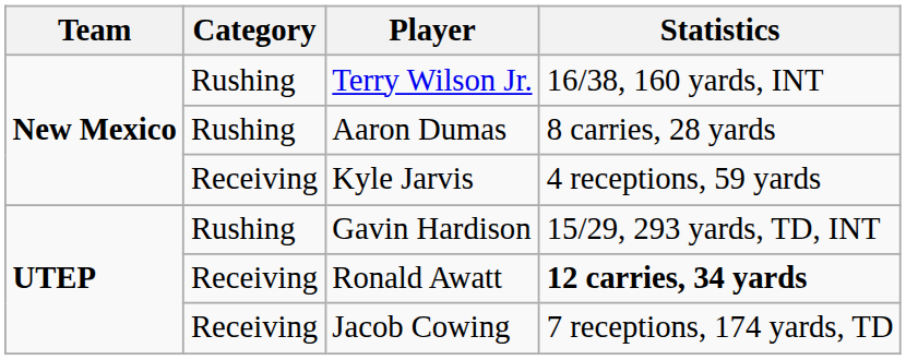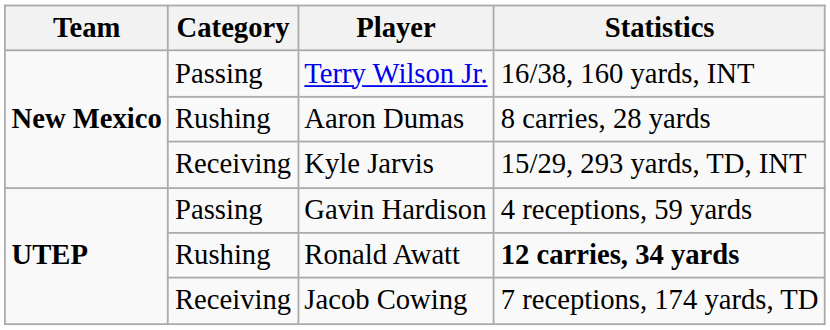 <table class="wikitable" style="float: left;">
 <tr>
 <th>Team</th>
 <th>Category</th>
 <th>Player</th>
 <th>Statistics</th>
 </tr>
 <tr>
 <td rowspan=3><strong>New Mexico</strong></td>
-<td>Rushing</td>
+<td>Passing</td>
 <td><a href='#'>Terry Wilson Jr.</a></td>
 <td>16/38, 160 yards, INT</td>
 </tr>
 <tr>
 <td>Rushing</td>
 <td>Aaron Dumas</td>
 <td>8 carries, 28 yards</td>
 </tr>
 <tr>
 <td>Receiving</td>
 <td>Kyle Jarvis</td>
+<td>15/29, 293 yards, TD, INT</td>
+</tr>
+<tr>
+<td rowspan=3><strong>UTEP</strong></td>
+<td>Passing</td>
+<td>Gavin Hardison</td>
 <td>4 receptions, 59 yards</td>
 </tr>
 <tr>
-<td rowspan=3><strong>UTEP</strong></td>
 <td>Rushing</td>
-<td>Gavin Hardison</td>
-<td>15/29, 293 yards, TD, INT</td>
-</tr>
-<tr>
-<td>Receiving</td>
 <td>Ronald Awatt</td>
 <td><strong>12 carries, 34 yards</strong></td>
 </tr>
 <tr>
 <td>Receiving</td>
 <td>Jacob Cowing</td>
 <td>7 receptions, 174 yards, TD</td>
 </tr>
 </table>
